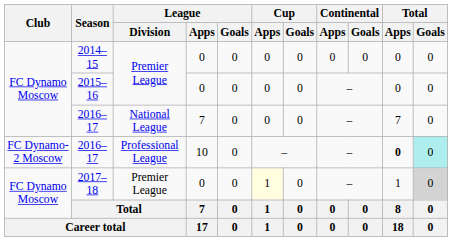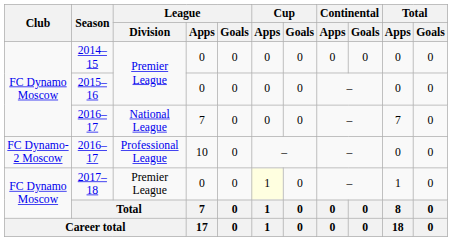 <table class="wikitable" style="text-align: center;">
 <tr>
 <th rowspan=2>Club</th>
 <th rowspan=2>Season</th>
 <th colspan=3>League</th>
 <th colspan=2>Cup</th>
 <th colspan=2>Continental</th>
 <th colspan=2>Total</th>
 </tr>
 <tr>
 <th>Division</th>
 <th>Apps</th>
 <th>Goals</th>
 <th>Apps</th>
 <th>Goals</th>
 <th>Apps</th>
 <th>Goals</th>
 <th>Apps</th>
 <th>Goals</th>
 </tr>
 <tr>
 <td rowspan=3><a href='#'>FC Dynamo Moscow</a></td>
 <td><a href='#'>2014–15</a></td>
 <td rowspan=2><a href='#'>Premier League</a></td>
 <td>0</td>
 <td>0</td>
 <td>0</td>
 <td>0</td>
 <td>0</td>
 <td>0</td>
 <td>0</td>
 <td>0</td>
 </tr>
 <tr>
 <td><a href='#'>2015–16</a></td>
 <td>0</td>
 <td>0</td>
 <td>0</td>
 <td>0</td>
 <td colspan=2>–</td>
 <td>0</td>
 <td>0</td>
 </tr>
 <tr>
 <td><a href='#'>2016–17</a></td>
 <td><a href='#'>National League</a></td>
 <td>7</td>
 <td>0</td>
 <td>0</td>
 <td>0</td>
 <td colspan=2>–</td>
 <td>7</td>
 <td>0</td>
 </tr>
 <tr>
 <td><a href='#'>FC Dynamo-2 Moscow</a></td>
 <td><a href='#'>2016–17</a></td>
 <td><a href='#'>Professional League</a></td>
 <td>10</td>
 <td>0</td>
 <td colspan=2>–</td>
 <td colspan=2>–</td>
-<td><strong>0</strong></td>
-<td style="background: paleturquoise;">0</td>
+<td>0</td>
+<td>0</td>
 </tr>
 <tr>
 <td rowspan=2><a href='#'>FC Dynamo Moscow</a></td>
 <td><a href='#'>2017–18</a></td>
 <td>Premier League</td>
 <td>0</td>
 <td>0</td>
 <td style="background: lightyellow;">1</td>
 <td>0</td>
 <td colspan=2>–</td>
 <td>1</td>
-<td style="background: lightgrey;">0</td>
+<td>0</td>
 </tr>
 <tr>
 <th colspan=2>Total</th>
 <th>7</th>
 <th>0</th>
 <th>1</th>
 <th>0</th>
 <th>0</th>
 <th>0</th>
 <th>8</th>
 <th>0</th>
 </tr>
 <tr>
 <th colspan=3>Career total</th>
 <th>17</th>
 <th>0</th>
 <th>1</th>
 <th>0</th>
 <th>0</th>
 <th>0</th>
 <th>18</th>
 <th>0</th>
 </tr>
 </table>
